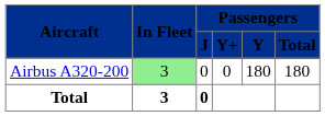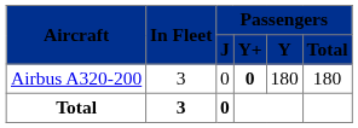 <table class="toccolours" border="1" cellpadding="3" style="margin:1em auto; border-collapse:collapse">
 <tr bgcolor=#00308F>
 <th rowspan="2"><span>Aircraft</span></th>
 <th rowspan="2"><span>In Fleet</span></th>
 <th colspan="4"><span>Passengers</span></th>
 </tr>
 <tr bgcolor=darkblue style="color: black; ">
 <th style="background-color:#00308F;"><abbr><span>J</span></abbr></th>
 <th style="background-color:#00308F;"><abbr><span>Y+</span></abbr></th>
 <th style="background-color:#00308F;"><abbr><span>Y</span></abbr></th>
 <th style="background-color:#00308F;"><span> Total</span></th>
 </tr>
 <tr>
 <td align="center"><a href='#'>Airbus A320-200</a></td>
-<td align="center" style="background: lightgreen;">3</td>
+<td align="center">3</td>
 <td align="center">0</td>
-<td align="center">0</td>
+<td align="center"><strong>0</strong></td>
 <td align="center">180</td>
 <td align="center">180</td>
 </tr>
 <tr>
 <th>Total</th>
 <th>3</th>
 <th>0</th>
 <th colspan=2></th>
 <th></th>
 </tr>
 </table>
